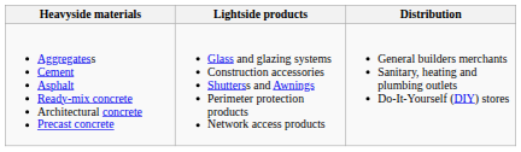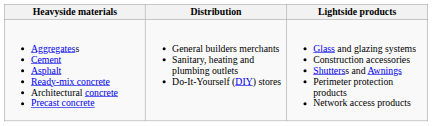 <table class="wikitable">
 <tr>
 <th>Heavyside materials</th>
+<th>Distribution</th>
 <th>Lightside products</th>
-<th>Distribution</th>
 </tr>
 <tr style="vertical-align: top;">
 <td style="width: 14em;"><br><ul><li><a href='#'>Aggregates</a>s</li><li><a href='#'>Cement</a></li><li><a href='#'>Asphalt</a></li><li><a href='#'>Ready-mix concrete</a></li><li>Architectural <a href='#'>concrete</a></li><li><a href='#'>Precast concrete</a></li></ul></td>
+<td style="width: 14em;"><br><ul><li>General builders merchants</li><li>Sanitary, heating and plumbing outlets</li><li>Do-It-Yourself (<a href='#'>DIY</a>) stores</li></ul></td>
 <td style="width: 14em;"><br><ul><li><a href='#'>Glass</a> and glazing systems</li><li>Construction accessories</li><li><a href='#'>Shutters</a>s and <a href='#'>Awnings</a></li><li>Perimeter protection products</li><li>Network access products</li></ul></td>
-<td style="width: 14em;"><br><ul><li>General builders merchants</li><li>Sanitary, heating and plumbing outlets</li><li>Do-It-Yourself (<a href='#'>DIY</a>) stores</li></ul></td>
 </tr>
 </table>
